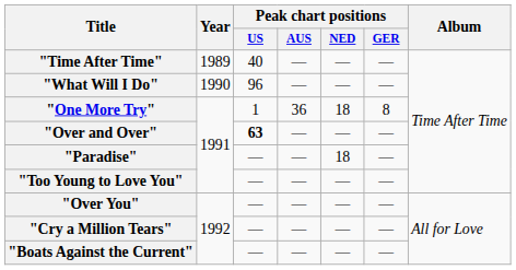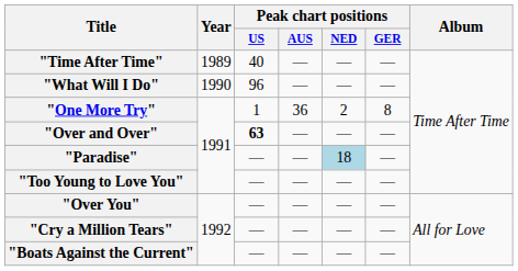 <table Class = "wikitable plainrowheaders">
 <tr>
 <th scope="col" rowspan="2">Title</th>
 <th scope="col" rowspan="2">Year</th>
 <th scope="col" colspan="4">Peak chart positions</th>
 <th scope="col" rowspan="2">Album</th>
 </tr>
 <tr Style = "font-size: smaller;">
 <th style="width:40px;"><a href='#'>US</a><br></th>
 <th style="width:40px;"><a href='#'>AUS</a><br></th>
 <th style="width:40px;"><a href='#'>NED</a><br></th>
 <th style="width:40px;"><a href='#'>GER</a><br></th>
 </tr>
 <tr>
 <th scope="row">"Time After Time"</th>
 <td style="text-align:center;">1989</td>
 <td style="text-align:center;">40</td>
 <td style="text-align:center;">—</td>
 <td style="text-align:center;">—</td>
 <td style="text-align:center;">—</td>
 <td style="text-align:left;" rowspan="6"><em>Time After Time</em></td>
 </tr>
 <tr>
 <th scope="row">"What Will I Do"</th>
 <td style="text-align:center;">1990</td>
 <td style="text-align:center;">96</td>
 <td style="text-align:center;">—</td>
 <td style="text-align:center;">—</td>
 <td style="text-align:center;">—</td>
 </tr>
 <tr>
 <th scope="row">"<a href='#'>One More Try</a>"</th>
 <td style="text-align:center;" rowspan="4">1991</td>
 <td style="text-align:center;">1</td>
 <td style="text-align:center;">36</td>
-<td style="text-align:center;">18</td>
+<td style="text-align:center;">2</td>
 <td style="text-align:center;">8</td>
 </tr>
 <tr>
 <th scope="row">"Over and Over"</th>
 <td style="text-align:center;"><strong>63</strong></td>
 <td style="text-align:center;">—</td>
 <td style="text-align:center;">—</td>
 <td style="text-align:center;">—</td>
 </tr>
 <tr>
 <th scope="row">"Paradise"</th>
 <td style="text-align:center;">—</td>
 <td style="text-align:center;">—</td>
-<td style="text-align:center;">18</td>
+<td style="background: lightblue; text-align:center;">18</td>
 <td style="text-align:center;">—</td>
 </tr>
 <tr>
 <th scope="row">"Too Young to Love You"</th>
 <td style="text-align:center;">—</td>
 <td style="text-align:center;">—</td>
 <td style="text-align:center;">—</td>
 <td style="text-align:center;">—</td>
 </tr>
 <tr>
 <th scope="row">"Over You"</th>
 <td style="text-align:center;" rowspan="3">1992</td>
 <td style="text-align:center;">—</td>
 <td style="text-align:center;">—</td>
 <td style="text-align:center;">—</td>
 <td style="text-align:center;">—</td>
 <td style="text-align:left;" rowspan="3"><em>All for Love</em></td>
 </tr>
 <tr>
 <th scope="row">"Cry a Million Tears"</th>
 <td style="text-align:center;">—</td>
 <td style="text-align:center;">—</td>
 <td style="text-align:center;">—</td>
 <td style="text-align:center;">—</td>
 </tr>
 <tr>
 <th scope="row">"Boats Against the Current"</th>
 <td style="text-align:center;">—</td>
 <td style="text-align:center;">—</td>
 <td style="text-align:center;">—</td>
 <td style="text-align:center;">—</td>
 </tr>
 </table>
